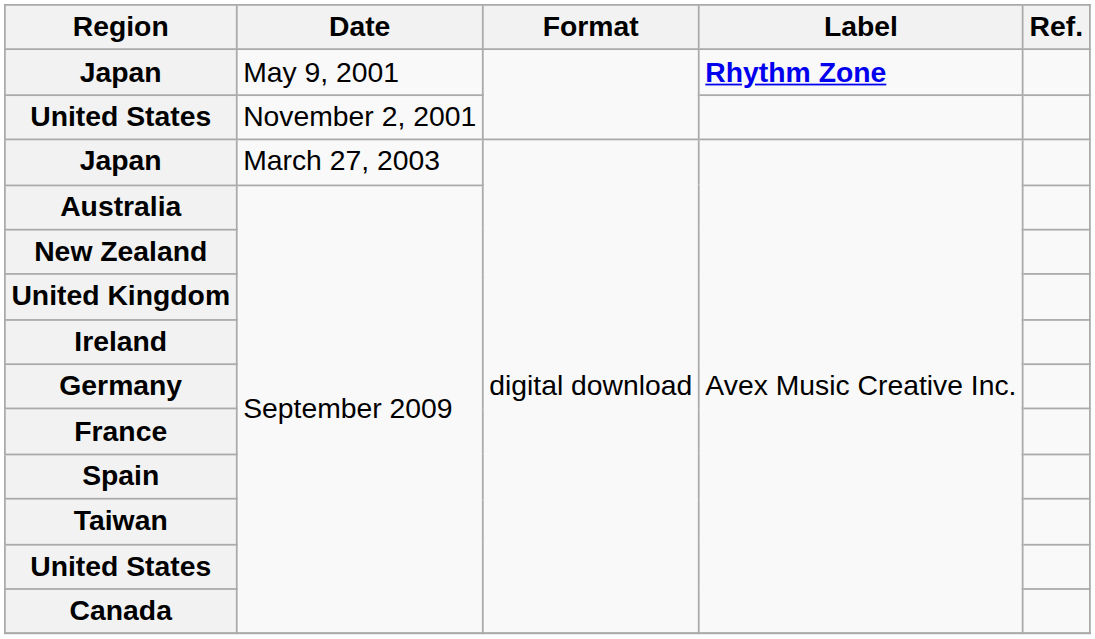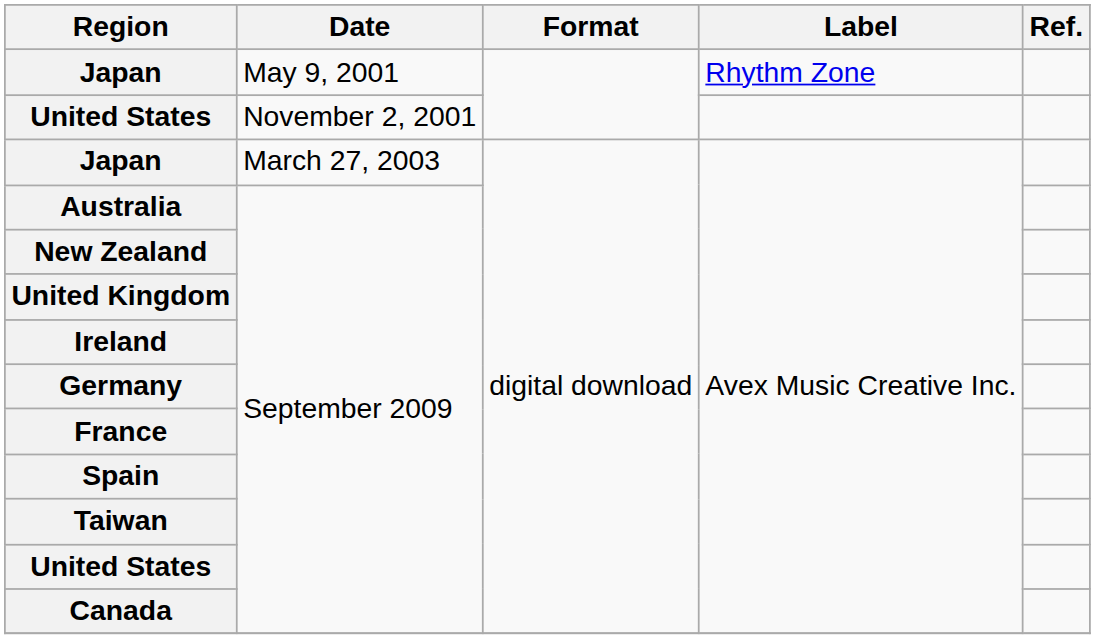 <table class="wikitable plainrowheaders">
 <tr>
 <th scope="col">Region</th>
 <th scope="col">Date</th>
 <th scope="col">Format</th>
 <th scope="col">Label</th>
 <th scope="col">Ref.</th>
 </tr>
 <tr>
 <th scope="row">Japan</th>
 <td>May 9, 2001</td>
 <td rowspan="2"></td>
-<td><strong><a href='#'>Rhythm Zone</a></strong></td>
+<td><a href='#'>Rhythm Zone</a></td>
 <td></td>
 </tr>
 <tr>
 <th scope="row">United States</th>
 <td>November 2, 2001</td>
 <td></td>
 <td></td>
 </tr>
 <tr>
 <th scope="row">Japan</th>
 <td>March 27, 2003</td>
 <td rowspan="11">digital download</td>
 <td rowspan="11">Avex Music Creative Inc.</td>
 <td></td>
 </tr>
 <tr>
 <th scope="row">Australia</th>
 <td rowspan="10">September 2009</td>
 <td></td>
 </tr>
 <tr>
 <th scope="row">New Zealand</th>
 <td></td>
 </tr>
 <tr>
 <th scope="row">United Kingdom</th>
 <td></td>
 </tr>
 <tr>
 <th scope="row">Ireland</th>
 <td></td>
 </tr>
 <tr>
 <th scope="row">Germany</th>
 <td></td>
 </tr>
 <tr>
 <th scope="row">France</th>
 <td></td>
 </tr>
 <tr>
 <th scope="row">Spain</th>
 <td></td>
 </tr>
 <tr>
 <th scope="row">Taiwan</th>
 <td></td>
 </tr>
 <tr>
 <th scope="row">United States</th>
 <td></td>
 </tr>
 <tr>
 <th scope="row">Canada</th>
 <td></td>
 </tr>
 <tr>
 </tr>
 </table>
